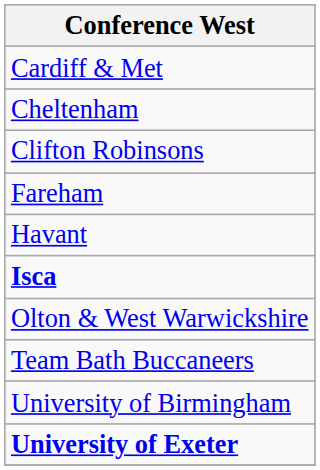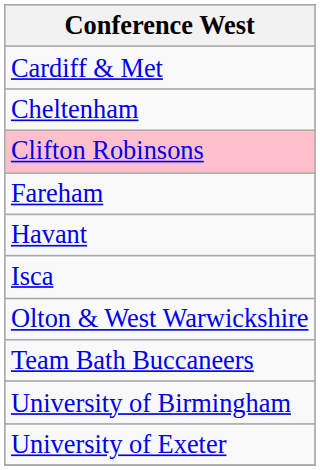 <table class="wikitable">
 <tr>
 <th>Conference West</th>
 </tr>
 <tr>
 <td><a href='#'>Cardiff & Met</a></td>
 </tr>
 <tr>
 <td><a href='#'>Cheltenham</a></td>
 </tr>
 <tr>
-<td><a href='#'>Clifton Robinsons</a></td>
+<td style="background: pink;"><a href='#'>Clifton Robinsons</a></td>
 </tr>
 <tr>
 <td><a href='#'>Fareham</a></td>
 </tr>
 <tr>
 <td><a href='#'>Havant</a></td>
 </tr>
 <tr>
-<td><strong><a href='#'>Isca</a></strong></td>
+<td><a href='#'>Isca</a></td>
 </tr>
 <tr>
 <td><a href='#'>Olton & West Warwickshire</a></td>
 </tr>
 <tr>
 <td><a href='#'>Team Bath Buccaneers</a></td>
 </tr>
 <tr>
 <td><a href='#'>University of Birmingham</a></td>
 </tr>
 <tr>
-<td><strong><a href='#'>University of Exeter</a></strong></td>
+<td><a href='#'>University of Exeter</a></td>
 </tr>
 <tr>
 </tr>
 </table>
